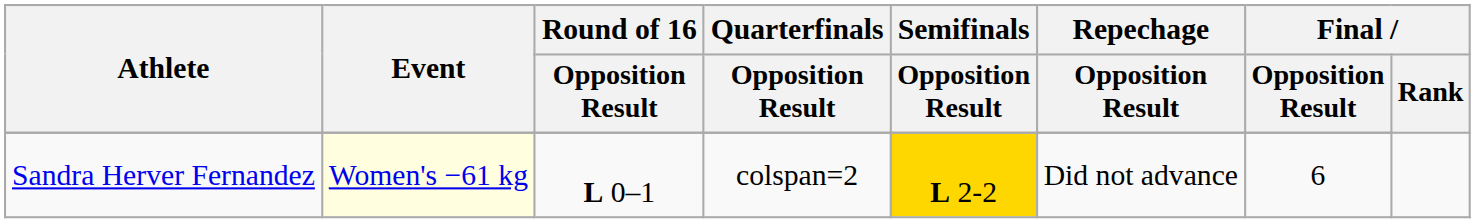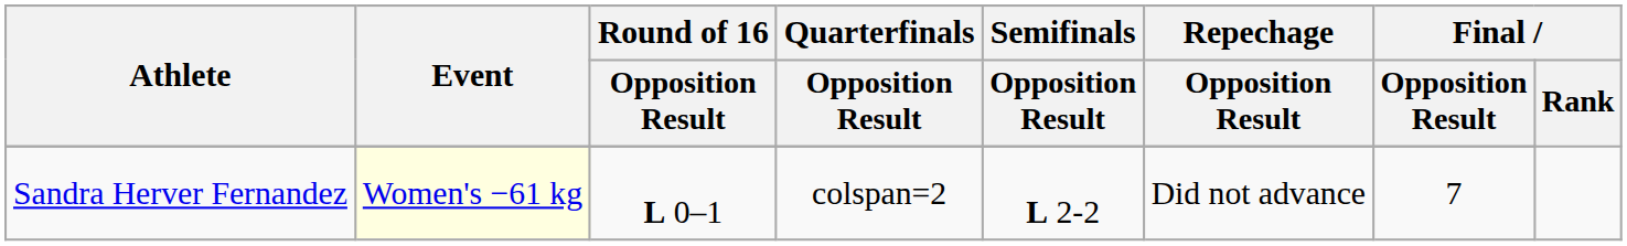 <table class="wikitable" style="font-size:90%">
 <tr>
 <th rowspan="2">Athlete</th>
 <th rowspan="2">Event</th>
 <th>Round of 16</th>
 <th>Quarterfinals</th>
 <th>Semifinals</th>
 <th>Repechage</th>
 <th colspan=2>Final / </th>
 </tr>
 <tr style="font-size:95%">
 <th>Opposition<br>Result</th>
 <th>Opposition<br>Result</th>
 <th>Opposition<br>Result</th>
 <th>Opposition<br>Result</th>
 <th>Opposition<br>Result</th>
 <th>Rank</th>
 </tr>
 <tr>
 </tr>
 <tr align=center>
 <td align=left><a href='#'>Sandra Herver Fernandez</a></td>
 <td align=left style="background: lightyellow;"><a href='#'>Women's −61 kg</a></td>
 <td><br><strong>L</strong> 0–1</td>
 <td>colspan=2 </td>
-<td style="background: gold;"><br><strong>L</strong> 2-2</td>
+<td><br><strong>L</strong> 2-2</td>
 <td>Did not advance</td>
-<td>6</td>
+<td>7</td>
 </tr>
 </table>
